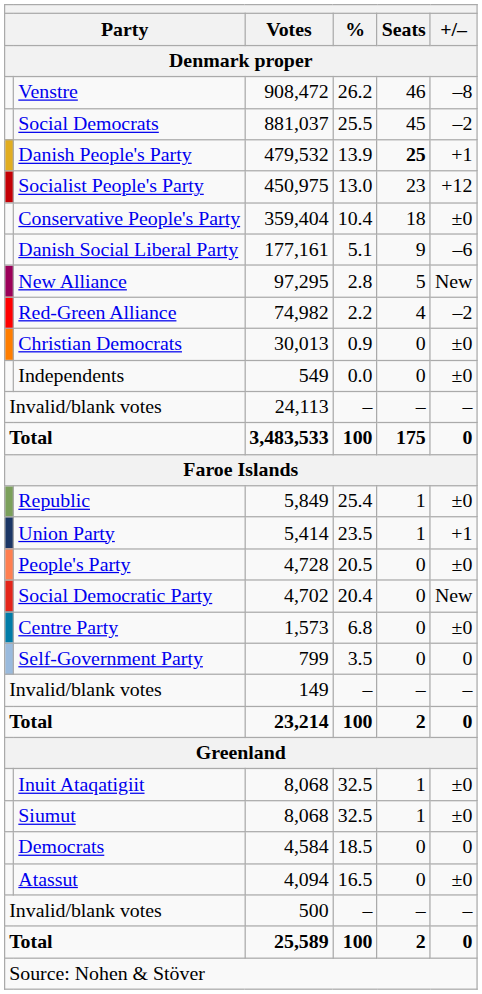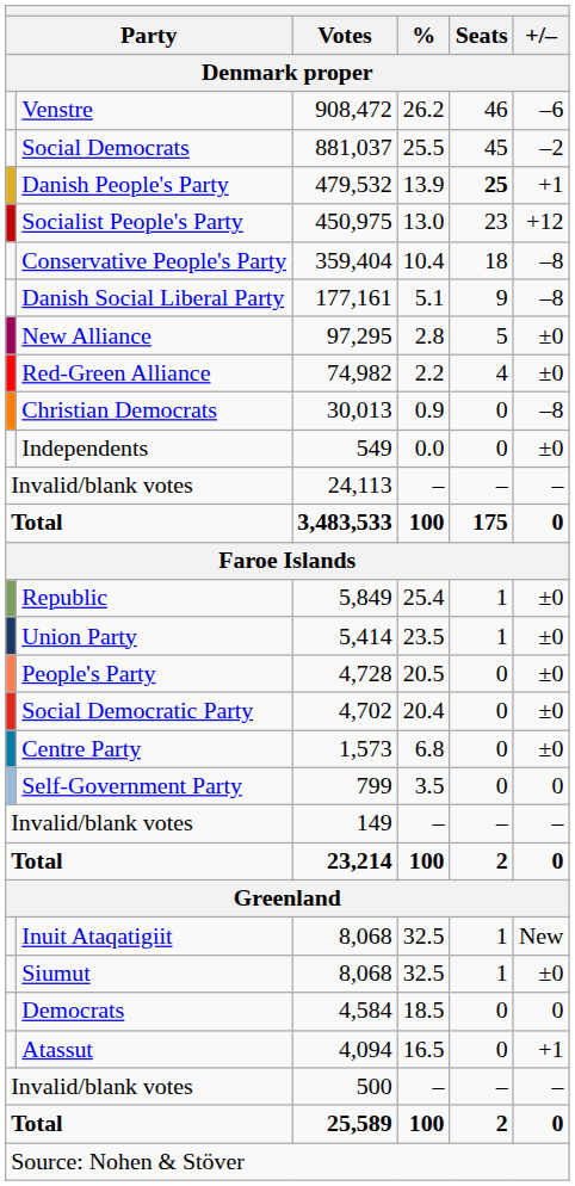 <table class=wikitable style=text-align:right>
 <tr>
 <th colspan=7></th>
 </tr>
 <tr>
 <th colspan=2>Party</th>
 <th>Votes</th>
 <th>%</th>
 <th>Seats</th>
 <th>+/–</th>
 </tr>
 <tr>
 <th colspan=7>Denmark proper</th>
 </tr>
 <tr>
 <td></td>
 <td align=left><a href='#'>Venstre</a></td>
 <td>908,472</td>
 <td>26.2</td>
 <td>46</td>
-<td>–8</td>
+<td>–6</td>
 </tr>
 <tr>
 <td></td>
 <td align=left><a href='#'>Social Democrats</a></td>
 <td>881,037</td>
 <td>25.5</td>
 <td>45</td>
 <td>–2</td>
 </tr>
 <tr>
 <td bgcolor="#E1AD21"></td>
 <td align=left><a href='#'>Danish People's Party</a></td>
 <td>479,532</td>
 <td>13.9</td>
 <td><strong>25</strong></td>
 <td>+1</td>
 </tr>
 <tr>
 <td bgcolor="#C40006"></td>
 <td align=left><a href='#'>Socialist People's Party</a></td>
 <td>450,975</td>
 <td>13.0</td>
 <td>23</td>
 <td>+12</td>
 </tr>
 <tr>
 <td></td>
 <td align=left><a href='#'>Conservative People's Party</a></td>
 <td>359,404</td>
 <td>10.4</td>
 <td>18</td>
-<td>±0</td>
+<td>–8</td>
 </tr>
 <tr>
 <td></td>
 <td align=left><a href='#'>Danish Social Liberal Party</a></td>
 <td>177,161</td>
 <td>5.1</td>
 <td>9</td>
-<td>–6</td>
+<td>–8</td>
 </tr>
 <tr>
 <td bgcolor="#9B0059"></td>
 <td align=left><a href='#'>New Alliance</a></td>
 <td>97,295</td>
 <td>2.8</td>
 <td>5</td>
-<td>New</td>
+<td>±0</td>
 </tr>
 <tr>
 <td bgcolor="red"></td>
 <td align=left><a href='#'>Red-Green Alliance</a></td>
 <td>74,982</td>
 <td>2.2</td>
 <td>4</td>
-<td>–2</td>
+<td>±0</td>
 </tr>
 <tr>
 <td bgcolor="#FF7E00"></td>
 <td align=left><a href='#'>Christian Democrats</a></td>
 <td>30,013</td>
 <td>0.9</td>
 <td>0</td>
-<td>±0</td>
+<td>–8</td>
 </tr>
 <tr>
 <td></td>
 <td align=left>Independents</td>
 <td>549</td>
 <td>0.0</td>
 <td>0</td>
 <td>±0</td>
 </tr>
 <tr>
 <td align=left colspan=2>Invalid/blank votes</td>
 <td>24,113</td>
 <td>–</td>
 <td>–</td>
 <td>–</td>
 </tr>
 <tr>
 <td align=left colspan=2><strong>Total</strong></td>
 <td><strong>3,483,533</strong></td>
 <td><strong>100</strong></td>
 <td><strong>175</strong></td>
 <td><strong>0</strong></td>
 </tr>
 <tr>
 <th colspan=7>Faroe Islands</th>
 </tr>
 <tr>
 <td bgcolor="#7BA05B"></td>
 <td align=left><a href='#'>Republic</a></td>
 <td>5,849</td>
 <td>25.4</td>
 <td>1</td>
 <td>±0</td>
 </tr>
 <tr>
 <td bgcolor="#1B3665"></td>
 <td align=left><a href='#'>Union Party</a></td>
 <td>5,414</td>
 <td>23.5</td>
 <td>1</td>
-<td>+1</td>
+<td>±0</td>
 </tr>
 <tr>
 <td bgcolor="#FF7F50"></td>
 <td align=left><a href='#'>People's Party</a></td>
 <td>4,728</td>
 <td>20.5</td>
 <td>0</td>
 <td>±0</td>
 </tr>
 <tr>
 <td bgcolor="#E4251A"></td>
 <td align=left><a href='#'>Social Democratic Party</a></td>
 <td>4,702</td>
 <td>20.4</td>
 <td>0</td>
-<td>New</td>
+<td>±0</td>
 </tr>
 <tr>
 <td bgcolor="#007BA7"></td>
 <td align=left><a href='#'>Centre Party</a></td>
 <td>1,573</td>
 <td>6.8</td>
 <td>0</td>
 <td>±0</td>
 </tr>
 <tr>
 <td bgcolor="#99BADD"></td>
 <td align=left><a href='#'>Self-Government Party</a></td>
 <td>799</td>
 <td>3.5</td>
 <td>0</td>
 <td>0</td>
 </tr>
 <tr>
 <td align=left colspan=2>Invalid/blank votes</td>
 <td>149</td>
 <td>–</td>
 <td>–</td>
 <td>–</td>
 </tr>
 <tr>
 <td align=left colspan=2><strong>Total</strong></td>
 <td><strong>23,214</strong></td>
 <td><strong>100</strong></td>
 <td><strong>2</strong></td>
 <td><strong>0</strong></td>
 </tr>
 <tr>
 <th colspan=7>Greenland</th>
 </tr>
 <tr>
 <td></td>
 <td align=left><a href='#'>Inuit Ataqatigiit</a></td>
 <td>8,068</td>
 <td>32.5</td>
 <td>1</td>
-<td>±0</td>
+<td>New</td>
 </tr>
 <tr>
 <td></td>
 <td align=left><a href='#'>Siumut</a></td>
 <td>8,068</td>
 <td>32.5</td>
 <td>1</td>
 <td>±0</td>
 </tr>
 <tr>
 <td></td>
 <td align=left><a href='#'>Democrats</a></td>
 <td>4,584</td>
 <td>18.5</td>
 <td>0</td>
 <td>0</td>
 </tr>
 <tr>
 <td></td>
 <td align=left><a href='#'>Atassut</a></td>
 <td>4,094</td>
 <td>16.5</td>
 <td>0</td>
-<td>±0</td>
+<td>+1</td>
 </tr>
 <tr>
 <td align=left colspan=2>Invalid/blank votes</td>
 <td>500</td>
 <td>–</td>
 <td>–</td>
 <td>–</td>
 </tr>
 <tr>
 <td align=left colspan=2><strong>Total</strong></td>
 <td><strong>25,589</strong></td>
 <td><strong>100</strong></td>
 <td><strong>2</strong></td>
 <td><strong>0</strong></td>
 </tr>
 <tr>
 <td align=left colspan=6>Source: Nohen & Stöver</td>
 </tr>
 </table>
